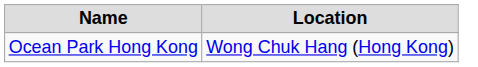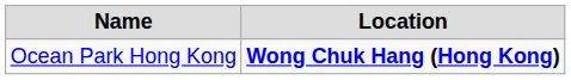 <table class="wikitable">
 <tr>
 <th style="background:#ddd;">Name</th>
 <th style="background:#ddd;">Location</th>
 </tr>
 <tr>
 <td><a href='#'>Ocean Park Hong Kong</a></td>
-<td><a href='#'>Wong Chuk Hang</a> (<a href='#'>Hong Kong</a>)</td>
+<td><strong><a href='#'>Wong Chuk Hang</a> (<a href='#'>Hong Kong</a>)</strong></td>
 </tr>
 </table>
